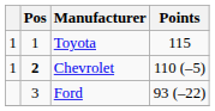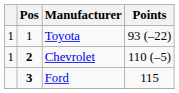 <table class="wikitable" style="font-size: 95%;">
 <tr>
 <th></th>
 <th>Pos</th>
 <th>Manufacturer</th>
 <th>Points</th>
 </tr>
 <tr>
 <td align="left"> 1</td>
 <td style="text-align:center;">1</td>
 <td><a href='#'>Toyota</a></td>
-<td style="text-align:center;">115</td>
+<td style="text-align:center;">93 (–22)</td>
 </tr>
 <tr>
 <td align="left"> 1</td>
 <td style="text-align:center;"><strong>2</strong></td>
 <td><a href='#'>Chevrolet</a></td>
 <td style="text-align:center;">110 (–5)</td>
 </tr>
 <tr>
 <td align="left"></td>
-<td style="text-align:center;">3</td>
+<td style="text-align:center;"><strong>3</strong></td>
 <td><a href='#'>Ford</a></td>
-<td style="text-align:center;">93 (–22)</td>
+<td style="text-align:center;">115</td>
 </tr>
 <tr class="sortbottom">
 </tr>
 </table>
